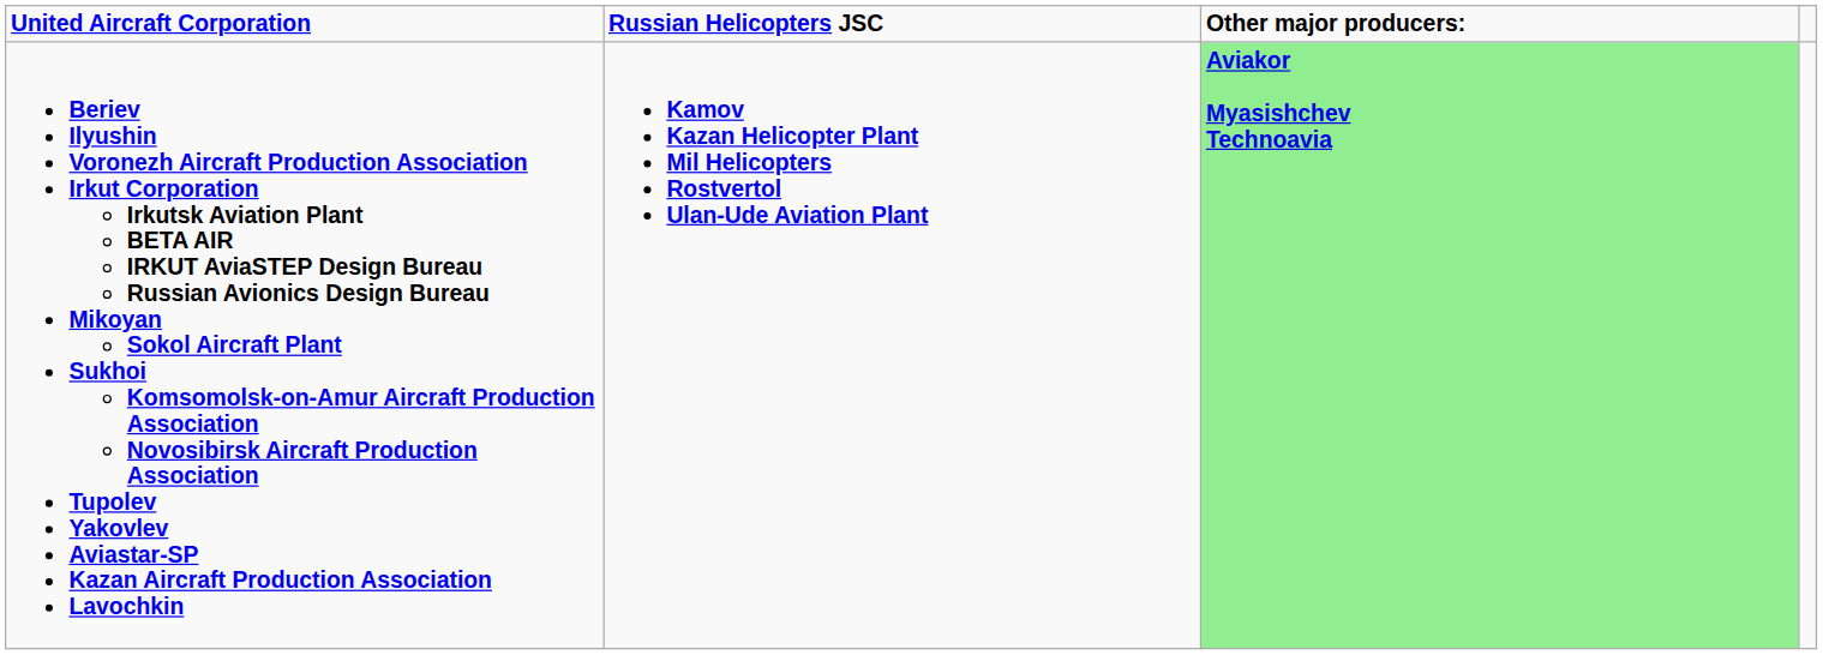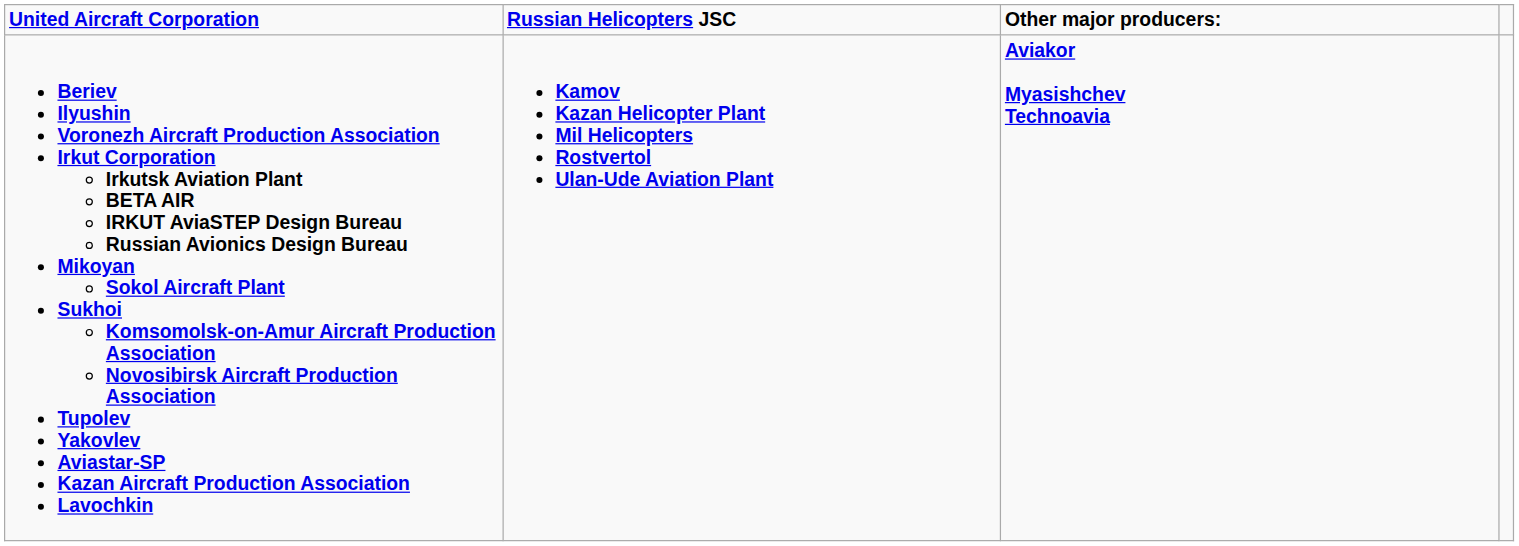 <table class="wikitable">
 <tr>
 <td width="33%"><strong><a href='#'>United Aircraft Corporation</a></strong></td>
 <td width="33%"><strong><a href='#'>Russian Helicopters</a> JSC</strong></td>
 <td width="33%"><strong>Other major producers:</strong></td>
 </tr>
 <tr valign="top">
 <td><br><ul><li><strong><a href='#'>Beriev</a></strong></li><li><strong><a href='#'>Ilyushin</a></strong></li><li><strong><a href='#'>Voronezh Aircraft Production Association</a></strong></li><li><strong><a href='#'>Irkut Corporation</a></strong><ul><li><strong>Irkutsk Aviation Plant</strong></li><li><strong>BETA AIR</strong></li><li><strong>IRKUT AviaSTEP Design Bureau </strong></li><li><strong>Russian Avionics Design Bureau</strong></li></ul></li><li><strong><a href='#'>Mikoyan</a></strong><ul><li><strong><a href='#'>Sokol Aircraft Plant</a></strong></li></ul></li><li><strong><a href='#'>Sukhoi</a></strong><ul><li><strong><a href='#'>Komsomolsk-on-Amur Aircraft Production Association</a></strong></li><li><strong><a href='#'>Novosibirsk Aircraft Production Association</a></strong></li></ul></li><li><strong><a href='#'>Tupolev</a></strong></li><li><strong><a href='#'>Yakovlev</a></strong></li><li><strong><a href='#'>Aviastar-SP</a></strong></li><li><strong><a href='#'>Kazan Aircraft Production Association</a></strong></li><li><strong><a href='#'>Lavochkin</a></strong></li></ul></td>
 <td><br><ul><li><strong><a href='#'>Kamov</a></strong></li><li><strong><a href='#'>Kazan Helicopter Plant</a></strong></li><li><strong><a href='#'>Mil Helicopters</a></strong></li><li><strong><a href='#'>Rostvertol</a></strong></li><li><strong><a href='#'>Ulan-Ude Aviation Plant</a></strong></li></ul></td>
-<td style="background: lightgreen;"><strong><a href='#'>Aviakor</a></strong><br><br><strong><a href='#'>Myasishchev</a></strong><br> <strong><a href='#'>Technoavia</a></strong></td>
+<td><strong><a href='#'>Aviakor</a></strong><br><br><strong><a href='#'>Myasishchev</a></strong><br> <strong><a href='#'>Technoavia</a></strong></td>
 <td></td>
 </tr>
 </table>
